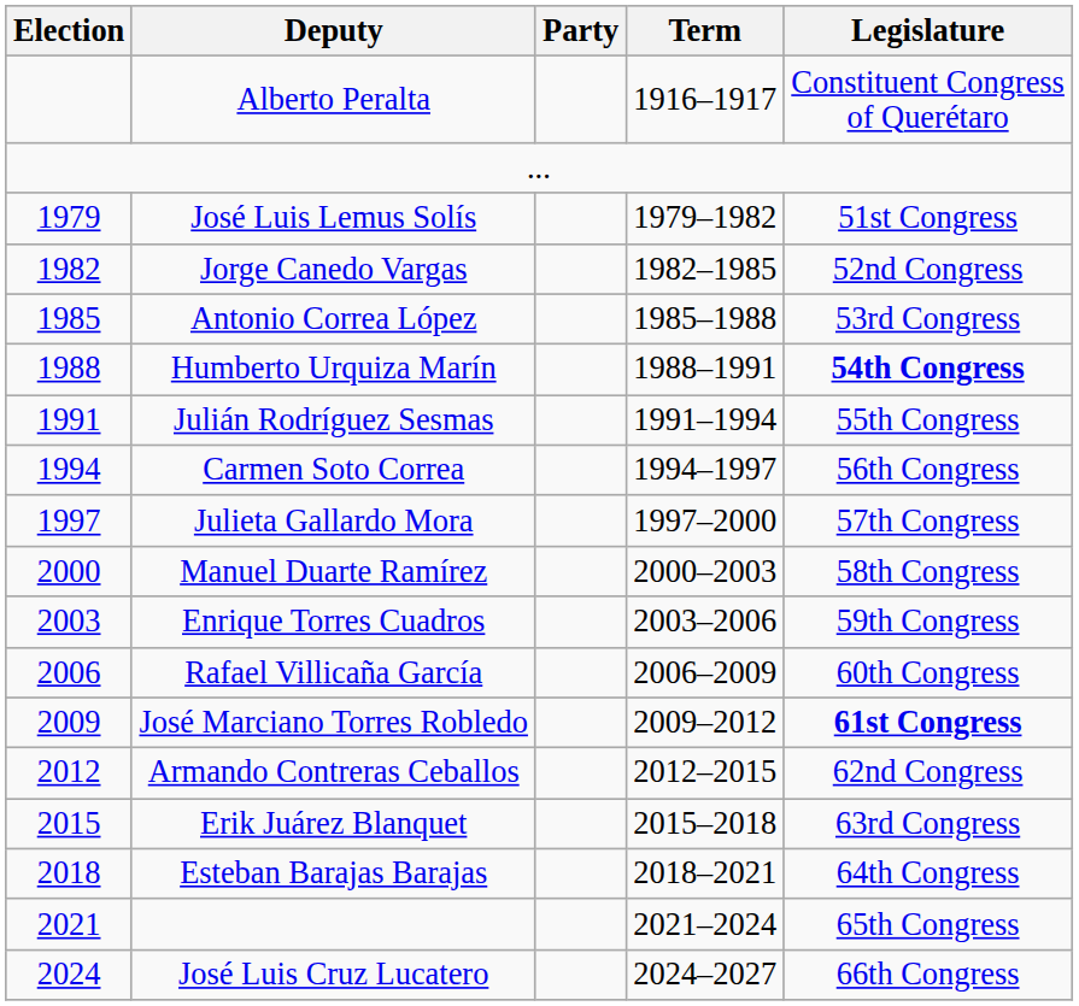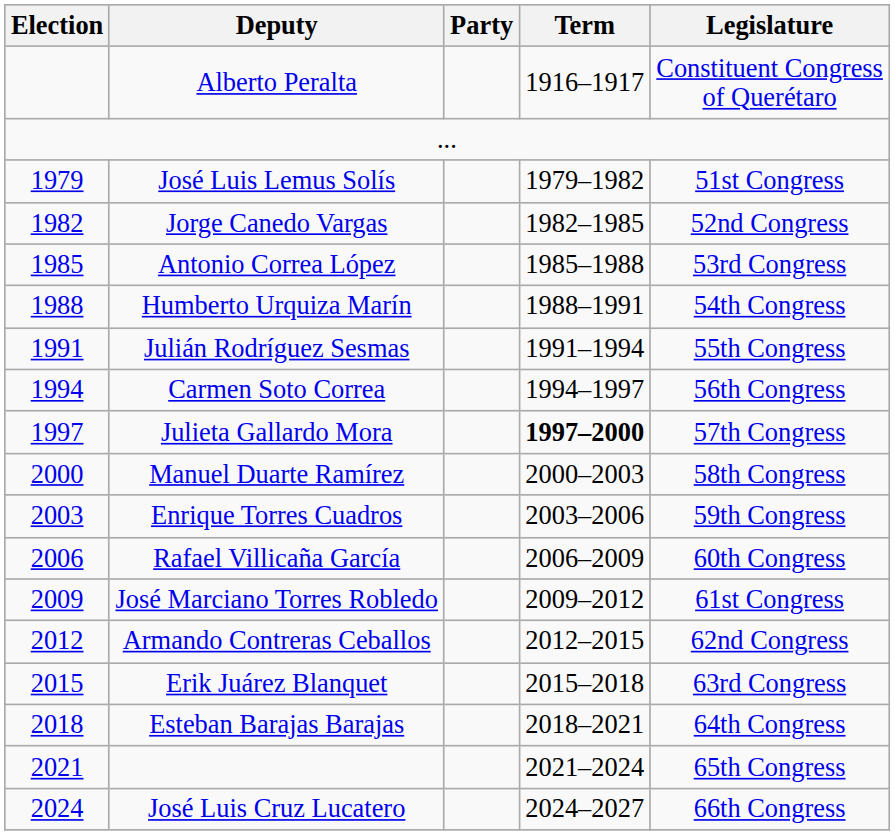 <table class="wikitable sortable" style="text-align: center">
 <tr>
 <th>Election</th>
 <th class="unsortable">Deputy</th>
 <th class="unsortable">Party</th>
 <th class="unsortable">Term</th>
 <th class="unsortable">Legislature</th>
 </tr>
 <tr>
 <td></td>
 <td><a href='#'>Alberto Peralta</a></td>
 <td></td>
 <td>1916–1917</td>
 <td><a href='#'>Constituent Congress<br>of Querétaro</a></td>
 </tr>
 <tr>
 <td colspan=5> ...</td>
 </tr>
 <tr>
 <td><a href='#'>1979</a></td>
 <td><a href='#'>José Luis Lemus Solís</a></td>
 <td></td>
 <td>1979–1982</td>
 <td><a href='#'>51st Congress</a></td>
 </tr>
 <tr>
 <td><a href='#'>1982</a></td>
 <td><a href='#'>Jorge Canedo Vargas</a></td>
 <td></td>
 <td>1982–1985</td>
 <td><a href='#'>52nd Congress</a></td>
 </tr>
 <tr>
 <td><a href='#'>1985</a></td>
 <td><a href='#'>Antonio Correa López</a></td>
 <td></td>
 <td>1985–1988</td>
 <td><a href='#'>53rd Congress</a></td>
 </tr>
 <tr>
 <td><a href='#'>1988</a></td>
 <td><a href='#'>Humberto Urquiza Marín</a></td>
 <td></td>
 <td>1988–1991</td>
-<td><strong><a href='#'>54th Congress</a></strong></td>
+<td><a href='#'>54th Congress</a></td>
 </tr>
 <tr>
 <td><a href='#'>1991</a></td>
 <td><a href='#'>Julián Rodríguez Sesmas</a></td>
 <td></td>
 <td>1991–1994</td>
 <td><a href='#'>55th Congress</a></td>
 </tr>
 <tr>
 <td><a href='#'>1994</a></td>
 <td><a href='#'>Carmen Soto Correa</a></td>
 <td></td>
 <td>1994–1997</td>
 <td><a href='#'>56th Congress</a></td>
 </tr>
 <tr>
 <td><a href='#'>1997</a></td>
 <td><a href='#'>Julieta Gallardo Mora</a></td>
 <td></td>
-<td>1997–2000</td>
+<td><strong>1997–2000</strong></td>
 <td><a href='#'>57th Congress</a></td>
 </tr>
 <tr>
 <td><a href='#'>2000</a></td>
 <td><a href='#'>Manuel Duarte Ramírez</a></td>
 <td></td>
 <td>2000–2003</td>
 <td><a href='#'>58th Congress</a></td>
 </tr>
 <tr>
 <td><a href='#'>2003</a></td>
 <td><a href='#'>Enrique Torres Cuadros</a></td>
 <td></td>
 <td>2003–2006</td>
 <td><a href='#'>59th Congress</a></td>
 </tr>
 <tr>
 <td><a href='#'>2006</a></td>
 <td><a href='#'>Rafael Villicaña García</a></td>
 <td></td>
 <td>2006–2009</td>
 <td><a href='#'>60th Congress</a></td>
 </tr>
 <tr>
 <td><a href='#'>2009</a></td>
 <td><a href='#'>José Marciano Torres Robledo</a></td>
 <td></td>
 <td>2009–2012</td>
-<td><strong><a href='#'>61st Congress</a></strong></td>
+<td><a href='#'>61st Congress</a></td>
 </tr>
 <tr>
 <td><a href='#'>2012</a></td>
 <td><a href='#'>Armando Contreras Ceballos</a></td>
 <td></td>
 <td>2012–2015</td>
 <td><a href='#'>62nd Congress</a></td>
 </tr>
 <tr>
 <td><a href='#'>2015</a></td>
 <td><a href='#'>Erik Juárez Blanquet</a></td>
 <td></td>
 <td>2015–2018</td>
 <td><a href='#'>63rd Congress</a></td>
 </tr>
 <tr>
 <td><a href='#'>2018</a></td>
 <td><a href='#'>Esteban Barajas Barajas</a></td>
 <td></td>
 <td>2018–2021</td>
 <td><a href='#'>64th Congress</a></td>
 </tr>
 <tr>
 <td><a href='#'>2021</a></td>
 <td></td>
 <td></td>
 <td>2021–2024</td>
 <td><a href='#'>65th Congress</a></td>
 </tr>
 <tr>
 <td><a href='#'>2024</a></td>
 <td><a href='#'>José Luis Cruz Lucatero</a></td>
 <td></td>
 <td>2024–2027</td>
 <td><a href='#'>66th Congress</a></td>
 </tr>
 </table>
